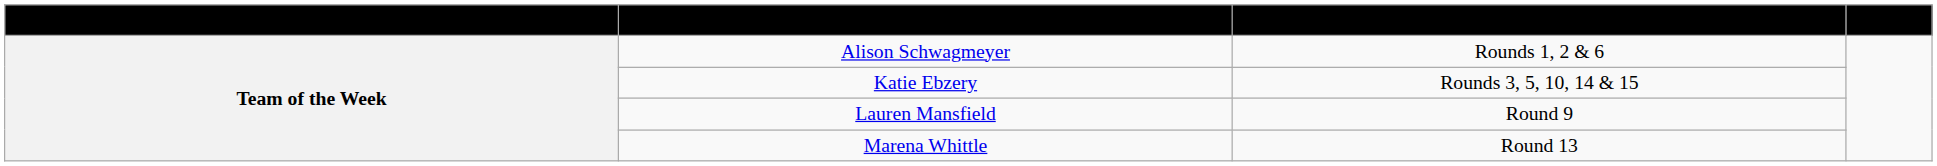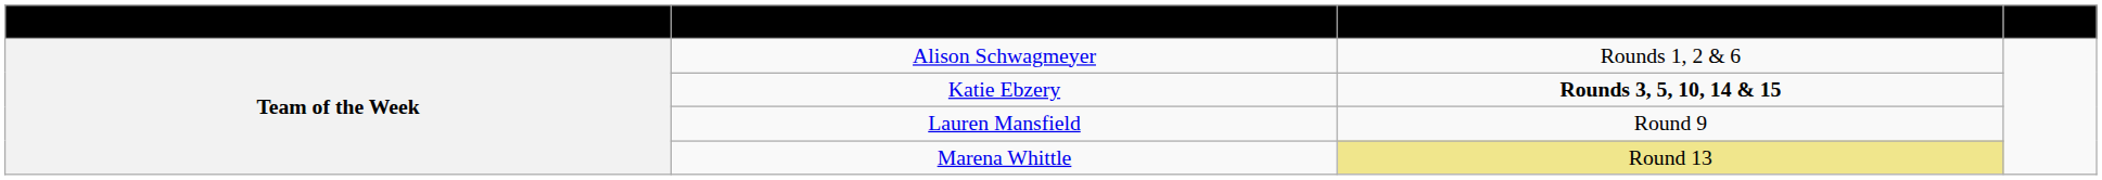 <table class="wikitable sortable sortable" style="text-align: center">
 <tr>
 <th style="background:black" width="10%"><span>Award</span></th>
 <th style="background:black" width="10%"><span>Recipient</span></th>
 <th style="background:black" width="10%"><span>Round(s)</span></th>
 <th style="background:black" width="1%" class="unsortable"><span>Ref.</span></th>
 </tr>
 <tr>
 <th rowspan=4>Team of the Week</th>
 <td><a href='#'>Alison Schwagmeyer</a></td>
 <td>Rounds 1, 2 & 6</td>
 <td rowspan=4></td>
 </tr>
 <tr>
 <td><a href='#'>Katie Ebzery</a></td>
-<td>Rounds 3, 5, 10, 14 & 15</td>
+<td><strong>Rounds 3, 5, 10, 14 & 15</strong></td>
 </tr>
 <tr>
 <td><a href='#'>Lauren Mansfield</a></td>
 <td>Round 9</td>
 </tr>
 <tr>
 <td><a href='#'>Marena Whittle</a></td>
-<td>Round 13</td>
+<td style="background: khaki;">Round 13</td>
 </tr>
 </table>
